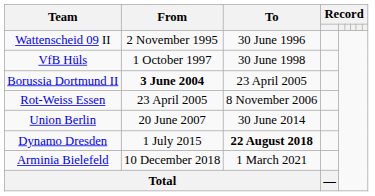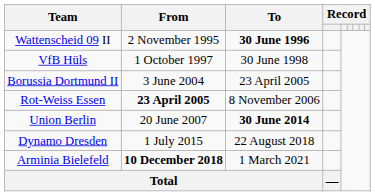 <table class=wikitable style=text-align:center>
 <tr>
 <th rowspan="2">Team</th>
 <th rowspan="2">From</th>
 <th rowspan="2">To</th>
 <th colspan="8">Record</th>
 </tr>
 <tr>
 <th></th>
 <th></th>
 <th></th>
 <th></th>
 <th></th>
 <th></th>
 </tr>
 <tr>
 <td><a href='#'>Wattenscheid 09</a> II</td>
 <td>2 November 1995</td>
-<td>30 June 1996<br></td>
+<td><strong>30 June 1996<br></strong></td>
 <td></td>
 </tr>
 <tr>
 <td><a href='#'>VfB Hüls</a></td>
 <td>1 October 1997</td>
 <td>30 June 1998<br></td>
 <td></td>
 </tr>
 <tr>
 <td><a href='#'>Borussia Dortmund II</a></td>
-<td><strong>3 June 2004</strong></td>
+<td>3 June 2004</td>
 <td>23 April 2005<br></td>
 <td></td>
 </tr>
 <tr>
 <td><a href='#'>Rot-Weiss Essen</a></td>
-<td>23 April 2005</td>
+<td><strong>23 April 2005</strong></td>
 <td>8 November 2006<br></td>
 <td> <br></td>
 </tr>
 <tr>
 <td><a href='#'>Union Berlin</a></td>
 <td>20 June 2007</td>
-<td>30 June 2014<br></td>
+<td><strong>30 June 2014<br></strong></td>
 <td> <br></td>
 </tr>
 <tr>
 <td><a href='#'>Dynamo Dresden</a></td>
 <td>1 July 2015</td>
-<td><strong>22 August 2018<br></strong></td>
+<td>22 August 2018<br></td>
 <td></td>
 </tr>
 <tr>
 <td><a href='#'>Arminia Bielefeld</a></td>
-<td>10 December 2018</td>
+<td><strong>10 December 2018</strong></td>
 <td>1 March 2021<br></td>
 <td></td>
 </tr>
 <tr>
 <th colspan=3>Total<br></th>
 <th>—</th>
 </tr>
 </table>
